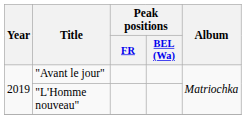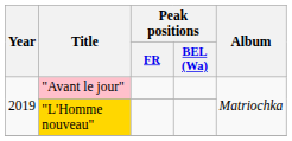 <table class="wikitable">
 <tr>
 <th rowspan="2" style="text-align:center; width:10px;">Year</th>
 <th rowspan="2" style="text-align:center; width:100px;">Title</th>
 <th colspan="2" style="text-align:center; width:20px;">Peak positions</th>
 <th rowspan="2" style="text-align:center; width:70px;">Album</th>
 </tr>
 <tr>
 <th scope="col" style="width:3em;font-size:90%;"><a href='#'>FR</a><br></th>
 <th scope="col" style="width:3em;font-size:90%;"><a href='#'>BEL <br>(Wa)</a><br></th>
 </tr>
 <tr>
 <td rowspan=2>2019</td>
-<td>"Avant le jour"</td>
+<td style="background: pink;">"Avant le jour"</td>
 <td style="text-align:center;"></td>
 <td style="text-align:center;"></td>
 <td style="text-align:center;" rowspan=2><em>Matriochka</td>
 </tr>
 <tr>
-<td>"L'Homme nouveau"</td>
+<td style="background: gold;">"L'Homme nouveau"</td>
 <td style="text-align:center;"></td>
 <td style="text-align:center;"></td>
 </tr>
 <tr>
 </tr>
 </table>
